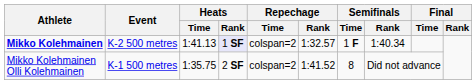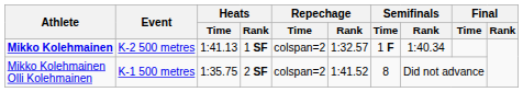 <table class=wikitable style="font-size:90%">
 <tr>
 <th rowspan="2">Athlete</th>
 <th rowspan="2">Event</th>
 <th colspan=2>Heats</th>
 <th colspan=2>Repechage</th>
 <th colspan=2>Semifinals</th>
 <th colspan=2>Final</th>
 </tr>
 <tr style="font-size:95%">
 <th>Time</th>
 <th>Rank</th>
 <th>Time</th>
 <th>Rank</th>
 <th>Time</th>
 <th>Rank</th>
 <th>Time</th>
 <th>Rank</th>
 </tr>
 <tr align=center>
 <td align=left><strong><a href='#'>Mikko Kolehmainen</a></strong></td>
 <td align=left><a href='#'>K-2 500 metres</a></td>
 <td>1:41.13</td>
-<td style="background: lavender;">1 <strong>SF</strong></td>
+<td>1 <strong>SF</strong></td>
 <td>colspan=2</td>
 <td>1:32.57</td>
 <td>1 <strong>F</strong></td>
 <td>1:40.34</td>
 <td></td>
 </tr>
 <tr align=center>
 <td align=left><a href='#'>Mikko Kolehmainen</a><br><a href='#'>Olli Kolehmainen</a></td>
 <td align=left><a href='#'>K-1 500 metres</a></td>
 <td>1:35.75</td>
 <td>2 <strong>SF</strong></td>
 <td>colspan=2</td>
 <td>1:41.52</td>
 <td>8</td>
 <td colspan=2>Did not advance</td>
 </tr>
 </table>
